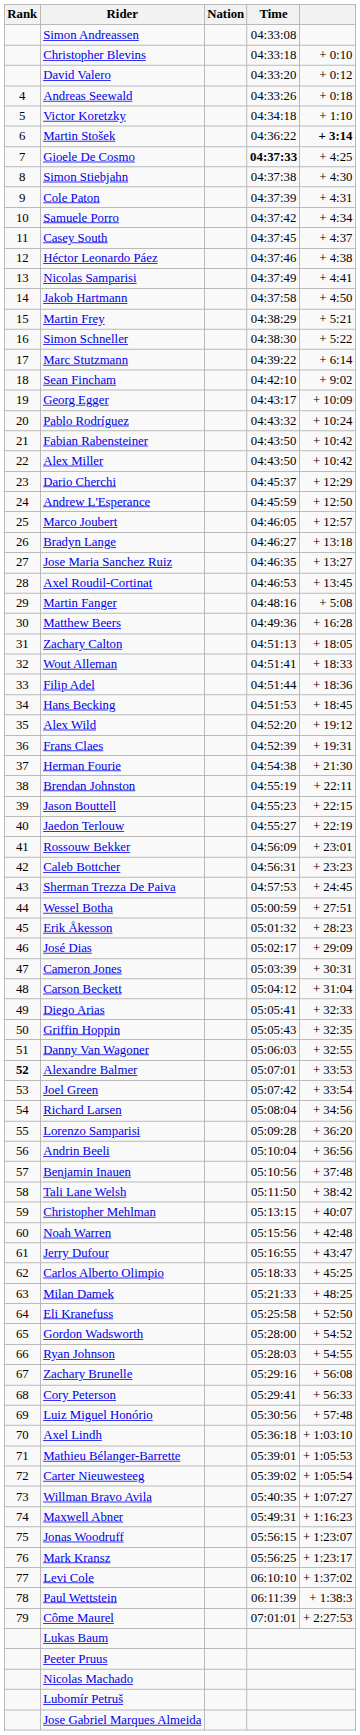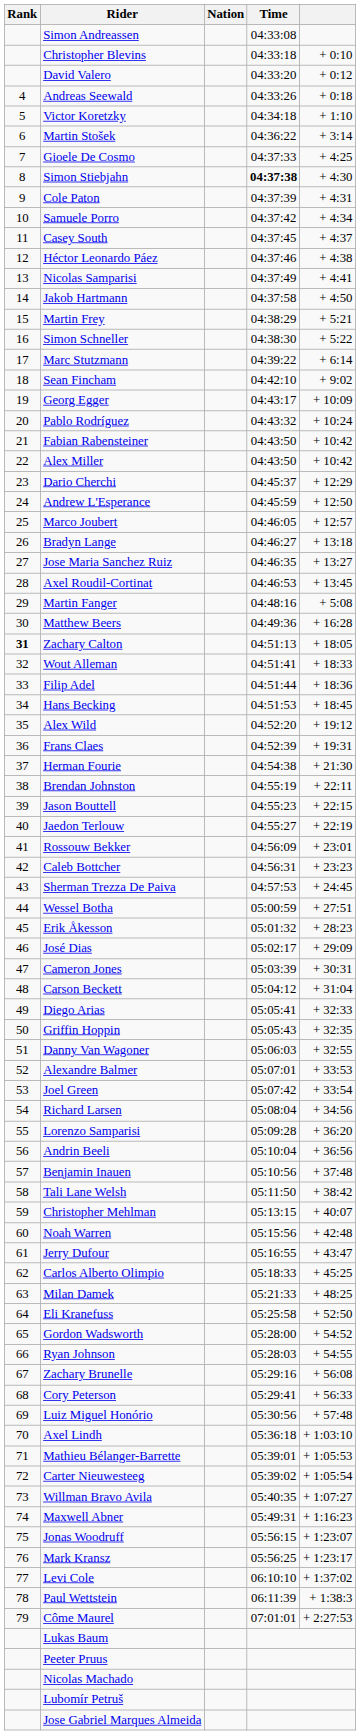 <table class="wikitable sortable" style=text-align:center;">
 <tr>
 <th scope="col">Rank</th>
 <th scope="col">Rider</th>
 <th scope="col">Nation</th>
 <th scope="col">Time</th>
 <th scope="col"></th>
 </tr>
 <tr>
 <td></td>
 <td align=left><a href='#'>Simon Andreassen</a></td>
 <td align=left></td>
 <td>04:33:08</td>
 <td align=right></td>
 </tr>
 <tr>
 <td></td>
 <td align=left><a href='#'>Christopher Blevins</a></td>
 <td align=left></td>
 <td>04:33:18</td>
 <td align=right>+ 0:10</td>
 </tr>
 <tr>
 <td></td>
 <td align=left><a href='#'>David Valero</a></td>
 <td align=left></td>
 <td>04:33:20</td>
 <td align=right>+ 0:12</td>
 </tr>
 <tr>
 <td>4</td>
 <td align=left><a href='#'>Andreas Seewald</a></td>
 <td align=left></td>
 <td>04:33:26</td>
 <td align=right>+ 0:18</td>
 </tr>
 <tr>
 <td>5</td>
 <td align=left><a href='#'>Victor Koretzky</a></td>
 <td align=left></td>
 <td>04:34:18</td>
 <td align=right>+ 1:10</td>
 </tr>
 <tr>
 <td>6</td>
 <td align=left><a href='#'>Martin Stošek</a></td>
 <td align=left></td>
 <td>04:36:22</td>
-<td align=right><strong>+ 3:14</strong></td>
+<td align=right>+ 3:14</td>
 </tr>
 <tr>
 <td>7</td>
 <td align=left><a href='#'>Gioele De Cosmo</a></td>
 <td align=left></td>
-<td><strong>04:37:33</strong></td>
+<td>04:37:33</td>
 <td align=right>+ 4:25</td>
 </tr>
 <tr>
 <td>8</td>
 <td align=left><a href='#'>Simon Stiebjahn</a></td>
 <td align=left></td>
-<td>04:37:38</td>
+<td><strong>04:37:38</strong></td>
 <td align=right>+ 4:30</td>
 </tr>
 <tr>
 <td>9</td>
 <td align=left><a href='#'>Cole Paton</a></td>
 <td align=left></td>
 <td>04:37:39</td>
 <td align=right>+ 4:31</td>
 </tr>
 <tr>
 <td>10</td>
 <td align=left><a href='#'>Samuele Porro</a></td>
 <td align=left></td>
 <td>04:37:42</td>
 <td align=right>+ 4:34</td>
 </tr>
 <tr>
 <td>11</td>
 <td align=left><a href='#'>Casey South</a></td>
 <td align=left></td>
 <td>04:37:45</td>
 <td align=right>+ 4:37</td>
 </tr>
 <tr>
 <td>12</td>
 <td align=left><a href='#'>Héctor Leonardo Páez</a></td>
 <td align=left></td>
 <td>04:37:46</td>
 <td align=right>+ 4:38</td>
 </tr>
 <tr>
 <td>13</td>
 <td align=left><a href='#'>Nicolas Samparisi</a></td>
 <td align=left></td>
 <td>04:37:49</td>
 <td align=right>+ 4:41</td>
 </tr>
 <tr>
 <td>14</td>
 <td align=left><a href='#'>Jakob Hartmann</a></td>
 <td align=left></td>
 <td>04:37:58</td>
 <td align=right>+ 4:50</td>
 </tr>
 <tr>
 <td>15</td>
 <td align=left><a href='#'>Martin Frey</a></td>
 <td align=left></td>
 <td>04:38:29</td>
 <td align=right>+ 5:21</td>
 </tr>
 <tr>
 <td>16</td>
 <td align=left><a href='#'>Simon Schneller</a></td>
 <td align=left></td>
 <td>04:38:30</td>
 <td align=right>+ 5:22</td>
 </tr>
 <tr>
 <td>17</td>
 <td align=left><a href='#'>Marc Stutzmann</a></td>
 <td align=left></td>
 <td>04:39:22</td>
 <td align=right>+ 6:14</td>
 </tr>
 <tr>
 <td>18</td>
 <td align=left><a href='#'>Sean Fincham</a></td>
 <td align=left></td>
 <td>04:42:10</td>
 <td align=right>+ 9:02</td>
 </tr>
 <tr>
 <td>19</td>
 <td align=left><a href='#'>Georg Egger</a></td>
 <td align=left></td>
 <td>04:43:17</td>
 <td align=right>+ 10:09</td>
 </tr>
 <tr>
 <td>20</td>
 <td align=left><a href='#'>Pablo Rodríguez</a></td>
 <td align=left></td>
 <td>04:43:32</td>
 <td align=right>+ 10:24</td>
 </tr>
 <tr>
 <td>21</td>
 <td align=left><a href='#'>Fabian Rabensteiner</a></td>
 <td align=left></td>
 <td>04:43:50</td>
 <td align=right>+ 10:42</td>
 </tr>
 <tr>
 <td>22</td>
 <td align=left><a href='#'>Alex Miller</a></td>
 <td align=left></td>
 <td>04:43:50</td>
 <td align=right>+ 10:42</td>
 </tr>
 <tr>
 <td>23</td>
 <td align=left><a href='#'>Dario Cherchi</a></td>
 <td align=left></td>
 <td>04:45:37</td>
 <td align=right>+ 12:29</td>
 </tr>
 <tr>
 <td>24</td>
 <td align=left><a href='#'>Andrew L'Esperance</a></td>
 <td align=left></td>
 <td>04:45:59</td>
 <td align=right>+ 12:50</td>
 </tr>
 <tr>
 <td>25</td>
 <td align=left><a href='#'>Marco Joubert</a></td>
 <td align=left></td>
 <td>04:46:05</td>
 <td align=right>+ 12:57</td>
 </tr>
 <tr>
 <td>26</td>
 <td align=left><a href='#'>Bradyn Lange</a></td>
 <td align=left></td>
 <td>04:46:27</td>
 <td align=right>+ 13:18</td>
 </tr>
 <tr>
 <td>27</td>
 <td align=left><a href='#'>Jose Maria Sanchez Ruiz</a></td>
 <td align=left></td>
 <td>04:46:35</td>
 <td align=right>+ 13:27</td>
 </tr>
 <tr>
 <td>28</td>
 <td align=left><a href='#'>Axel Roudil-Cortinat</a></td>
 <td align=left></td>
 <td>04:46:53</td>
 <td align=right>+ 13:45</td>
 </tr>
 <tr>
 <td>29</td>
 <td align=left><a href='#'>Martin Fanger</a></td>
 <td align=left></td>
 <td>04:48:16</td>
 <td align=right>+ 5:08</td>
 </tr>
 <tr>
 <td>30</td>
 <td align=left><a href='#'>Matthew Beers</a></td>
 <td align=left></td>
 <td>04:49:36</td>
 <td align=right>+ 16:28</td>
 </tr>
 <tr>
-<td>31</td>
+<td><strong>31</strong></td>
 <td align=left><a href='#'>Zachary Calton</a></td>
 <td align=left></td>
 <td>04:51:13</td>
 <td align=right>+ 18:05</td>
 </tr>
 <tr>
 <td>32</td>
 <td align=left><a href='#'>Wout Alleman</a></td>
 <td align=left></td>
 <td>04:51:41</td>
 <td align=right>+ 18:33</td>
 </tr>
 <tr>
 <td>33</td>
 <td align=left><a href='#'>Filip Adel</a></td>
 <td align=left></td>
 <td>04:51:44</td>
 <td align=right>+ 18:36</td>
 </tr>
 <tr>
 <td>34</td>
 <td align=left><a href='#'>Hans Becking</a></td>
 <td align=left></td>
 <td>04:51:53</td>
 <td align=right>+ 18:45</td>
 </tr>
 <tr>
 <td>35</td>
 <td align=left><a href='#'>Alex Wild</a></td>
 <td align=left></td>
 <td>04:52:20</td>
 <td align=right>+ 19:12</td>
 </tr>
 <tr>
 <td>36</td>
 <td align=left><a href='#'>Frans Claes</a></td>
 <td align=left></td>
 <td>04:52:39</td>
 <td align=right>+ 19:31</td>
 </tr>
 <tr>
 <td>37</td>
 <td align=left><a href='#'>Herman Fourie</a></td>
 <td align=left></td>
 <td>04:54:38</td>
 <td align=right>+ 21:30</td>
 </tr>
 <tr>
 <td>38</td>
 <td align=left><a href='#'>Brendan Johnston</a></td>
 <td align=left></td>
 <td>04:55:19</td>
 <td align=right>+ 22:11</td>
 </tr>
 <tr>
 <td>39</td>
 <td align=left><a href='#'>Jason Bouttell</a></td>
 <td align=left></td>
 <td>04:55:23</td>
 <td align=right>+ 22:15</td>
 </tr>
 <tr>
 <td>40</td>
 <td align=left><a href='#'>Jaedon Terlouw</a></td>
 <td align=left></td>
 <td>04:55:27</td>
 <td align=right>+ 22:19</td>
 </tr>
 <tr>
 <td>41</td>
 <td align=left><a href='#'>Rossouw Bekker</a></td>
 <td align=left></td>
 <td>04:56:09</td>
 <td align=right>+ 23:01</td>
 </tr>
 <tr>
 <td>42</td>
 <td align=left><a href='#'>Caleb Bottcher</a></td>
 <td align=left></td>
 <td>04:56:31</td>
 <td align=right>+ 23:23</td>
 </tr>
 <tr>
 <td>43</td>
 <td align=left><a href='#'>Sherman Trezza De Paiva</a></td>
 <td align=left></td>
 <td>04:57:53</td>
 <td align=right>+ 24:45</td>
 </tr>
 <tr>
 <td>44</td>
 <td align=left><a href='#'>Wessel Botha</a></td>
 <td align=left></td>
 <td>05:00:59</td>
 <td align=right>+ 27:51</td>
 </tr>
 <tr>
 <td>45</td>
 <td align=left><a href='#'>Erik Åkesson</a></td>
 <td align=left></td>
 <td>05:01:32</td>
 <td align=right>+ 28:23</td>
 </tr>
 <tr>
 <td>46</td>
 <td align=left><a href='#'>José Dias</a></td>
 <td align=left></td>
 <td>05:02:17</td>
 <td align=right>+ 29:09</td>
 </tr>
 <tr>
 <td>47</td>
 <td align=left><a href='#'>Cameron Jones</a></td>
 <td align=left></td>
 <td>05:03:39</td>
 <td align=right>+ 30:31</td>
 </tr>
 <tr>
 <td>48</td>
 <td align=left><a href='#'>Carson Beckett</a></td>
 <td align=left></td>
 <td>05:04:12</td>
 <td align=right>+ 31:04</td>
 </tr>
 <tr>
 <td>49</td>
 <td align=left><a href='#'>Diego Arias</a></td>
 <td align=left></td>
 <td>05:05:41</td>
 <td align=right>+ 32:33</td>
 </tr>
 <tr>
 <td>50</td>
 <td align=left><a href='#'>Griffin Hoppin</a></td>
 <td align=left></td>
 <td>05:05:43</td>
 <td align=right>+ 32:35</td>
 </tr>
 <tr>
 <td>51</td>
 <td align=left><a href='#'>Danny Van Wagoner</a></td>
 <td align=left></td>
 <td>05:06:03</td>
 <td align=right>+ 32:55</td>
 </tr>
 <tr>
-<td><strong>52</strong></td>
+<td>52</td>
 <td align=left><a href='#'>Alexandre Balmer</a></td>
 <td align=left></td>
 <td>05:07:01</td>
 <td align=right>+ 33:53</td>
 </tr>
 <tr>
 <td>53</td>
 <td align=left><a href='#'>Joel Green</a></td>
 <td align=left></td>
 <td>05:07:42</td>
 <td align=right>+ 33:54</td>
 </tr>
 <tr>
 <td>54</td>
 <td align=left><a href='#'>Richard Larsen</a></td>
 <td align=left></td>
 <td>05:08:04</td>
 <td align=right>+ 34:56</td>
 </tr>
 <tr>
 <td>55</td>
 <td align=left><a href='#'>Lorenzo Samparisi</a></td>
 <td align=left></td>
 <td>05:09:28</td>
 <td align=right>+ 36:20</td>
 </tr>
 <tr>
 <td>56</td>
 <td align=left><a href='#'>Andrin Beeli</a></td>
 <td align=left></td>
 <td>05:10:04</td>
 <td align=right>+ 36:56</td>
 </tr>
 <tr>
 <td>57</td>
 <td align=left><a href='#'>Benjamin Inauen</a></td>
 <td align=left></td>
 <td>05:10:56</td>
 <td align=right>+ 37:48</td>
 </tr>
 <tr>
 <td>58</td>
 <td align=left><a href='#'>Tali Lane Welsh</a></td>
 <td align=left></td>
 <td>05:11:50</td>
 <td align=right>+ 38:42</td>
 </tr>
 <tr>
 <td>59</td>
 <td align=left><a href='#'>Christopher Mehlman</a></td>
 <td align=left></td>
 <td>05:13:15</td>
 <td align=right>+ 40:07</td>
 </tr>
 <tr>
 <td>60</td>
 <td align=left><a href='#'>Noah Warren</a></td>
 <td align=left></td>
 <td>05:15:56</td>
 <td align=right>+ 42:48</td>
 </tr>
 <tr>
 <td>61</td>
 <td align=left><a href='#'>Jerry Dufour</a></td>
 <td align=left></td>
 <td>05:16:55</td>
 <td align=right>+ 43:47</td>
 </tr>
 <tr>
 <td>62</td>
 <td align=left><a href='#'>Carlos Alberto Olimpio</a></td>
 <td align=left></td>
 <td>05:18:33</td>
 <td align=right>+ 45:25</td>
 </tr>
 <tr>
 <td>63</td>
 <td align=left><a href='#'>Milan Damek</a></td>
 <td align=left></td>
 <td>05:21:33</td>
 <td align=right>+ 48:25</td>
 </tr>
 <tr>
 <td>64</td>
 <td align=left><a href='#'>Eli Kranefuss</a></td>
 <td align=left></td>
 <td>05:25:58</td>
 <td align=right>+ 52:50</td>
 </tr>
 <tr>
 <td>65</td>
 <td align=left><a href='#'>Gordon Wadsworth</a></td>
 <td align=left></td>
 <td>05:28:00</td>
 <td align=right>+ 54:52</td>
 </tr>
 <tr>
 <td>66</td>
 <td align=left><a href='#'>Ryan Johnson</a></td>
 <td align=left></td>
 <td>05:28:03</td>
 <td align=right>+ 54:55</td>
 </tr>
 <tr>
 <td>67</td>
 <td align=left><a href='#'>Zachary Brunelle</a></td>
 <td align=left></td>
 <td>05:29:16</td>
 <td align=right>+ 56:08</td>
 </tr>
 <tr>
 <td>68</td>
 <td align=left><a href='#'>Cory Peterson</a></td>
 <td align=left></td>
 <td>05:29:41</td>
 <td align=right>+ 56:33</td>
 </tr>
 <tr>
 <td>69</td>
 <td align=left><a href='#'>Luiz Miguel Honório</a></td>
 <td align=left></td>
 <td>05:30:56</td>
 <td align=right>+ 57:48</td>
 </tr>
 <tr>
 <td>70</td>
 <td align=left><a href='#'>Axel Lindh</a></td>
 <td align=left></td>
 <td>05:36:18</td>
 <td align=right>+ 1:03:10</td>
 </tr>
 <tr>
 <td>71</td>
 <td align=left><a href='#'>Mathieu Bélanger-Barrette</a></td>
 <td align=left></td>
 <td>05:39:01</td>
 <td align=right>+ 1:05:53</td>
 </tr>
 <tr>
 <td>72</td>
 <td align=left><a href='#'>Carter Nieuwesteeg</a></td>
 <td align=left></td>
 <td>05:39:02</td>
 <td align=right>+ 1:05:54</td>
 </tr>
 <tr>
 <td>73</td>
 <td align=left><a href='#'>Willman Bravo Avila</a></td>
 <td align=left></td>
 <td>05:40:35</td>
 <td align=right>+ 1:07:27</td>
 </tr>
 <tr>
 <td>74</td>
 <td align=left><a href='#'>Maxwell Abner</a></td>
 <td align=left></td>
 <td>05:49:31</td>
 <td align=right>+ 1:16:23</td>
 </tr>
 <tr>
 <td>75</td>
 <td align=left><a href='#'>Jonas Woodruff</a></td>
 <td align=left></td>
 <td>05:56:15</td>
 <td align=right>+ 1:23:07</td>
 </tr>
 <tr>
 <td>76</td>
 <td align=left><a href='#'>Mark Kransz</a></td>
 <td align=left></td>
 <td>05:56:25</td>
 <td align=right>+ 1:23:17</td>
 </tr>
 <tr>
 <td>77</td>
 <td align=left><a href='#'>Levi Cole</a></td>
 <td align=left></td>
 <td>06:10:10</td>
 <td align=right>+ 1:37:02</td>
 </tr>
 <tr>
 <td>78</td>
 <td align=left><a href='#'>Paul Wettstein</a></td>
 <td align=left></td>
 <td>06:11:39</td>
 <td align=right>+ 1:38:3</td>
 </tr>
 <tr>
 <td>79</td>
 <td align=left><a href='#'>Côme Maurel</a></td>
 <td align=left></td>
 <td>07:01:01</td>
 <td align=right>+ 2:27:53</td>
 </tr>
 <tr>
 <td></td>
 <td align=left><a href='#'>Lukas Baum</a></td>
 <td align=left></td>
 <td colspan="2"></td>
 </tr>
 <tr>
 <td></td>
 <td align=left><a href='#'>Peeter Pruus</a></td>
 <td align=left></td>
 <td colspan="2"></td>
 </tr>
 <tr>
 <td></td>
 <td align=left><a href='#'>Nicolas Machado</a></td>
 <td align=left></td>
 <td colspan="2"></td>
 </tr>
 <tr>
 <td></td>
 <td align=left><a href='#'>Lubomír Petruš</a></td>
 <td align=left></td>
 <td colspan="2"></td>
 </tr>
 <tr>
 <td></td>
 <td align=left><a href='#'>Jose Gabriel Marques Almeida</a></td>
 <td align=left></td>
 <td colspan="2"></td>
 </tr>
 </table>
